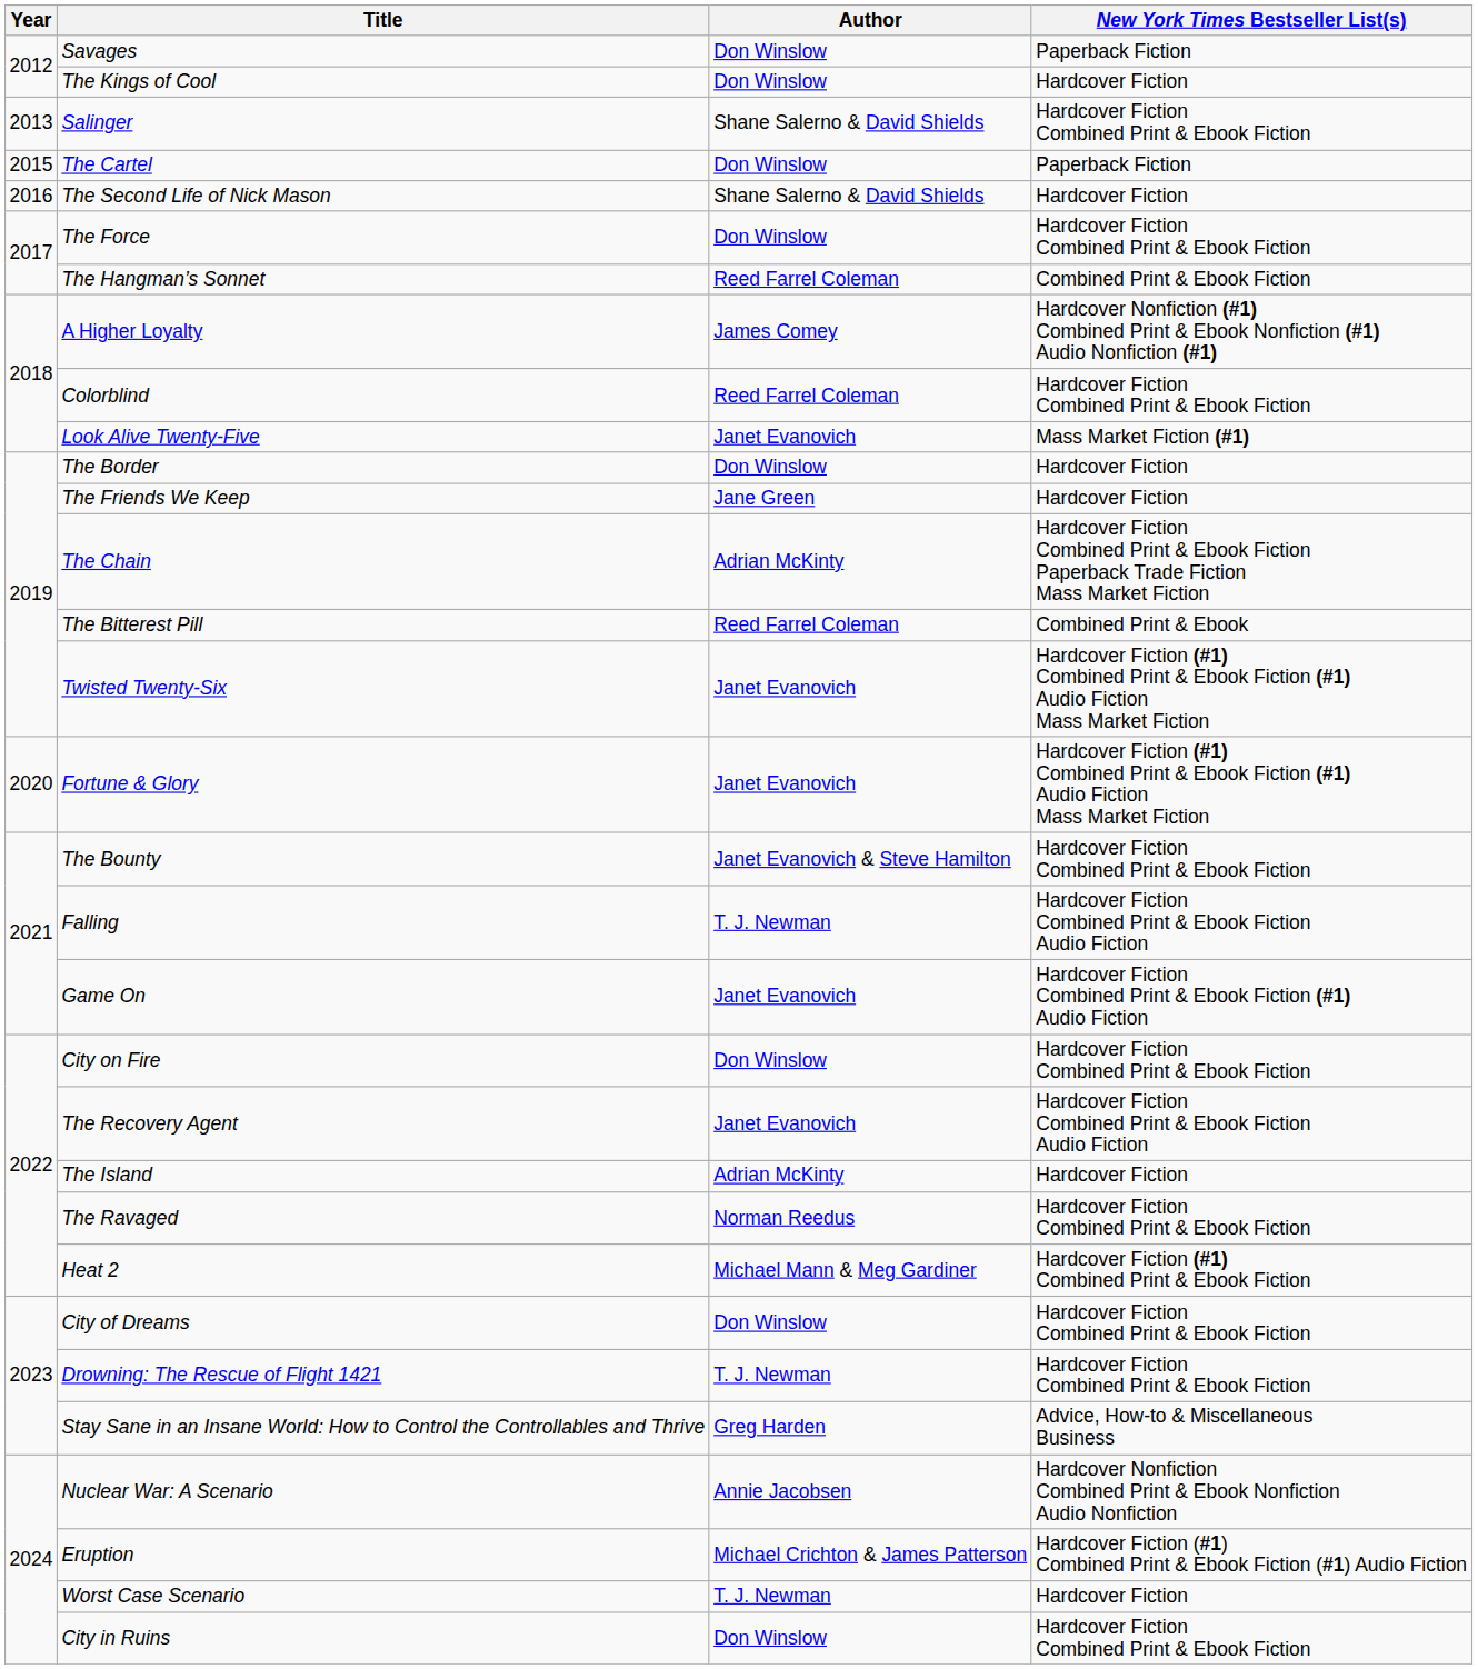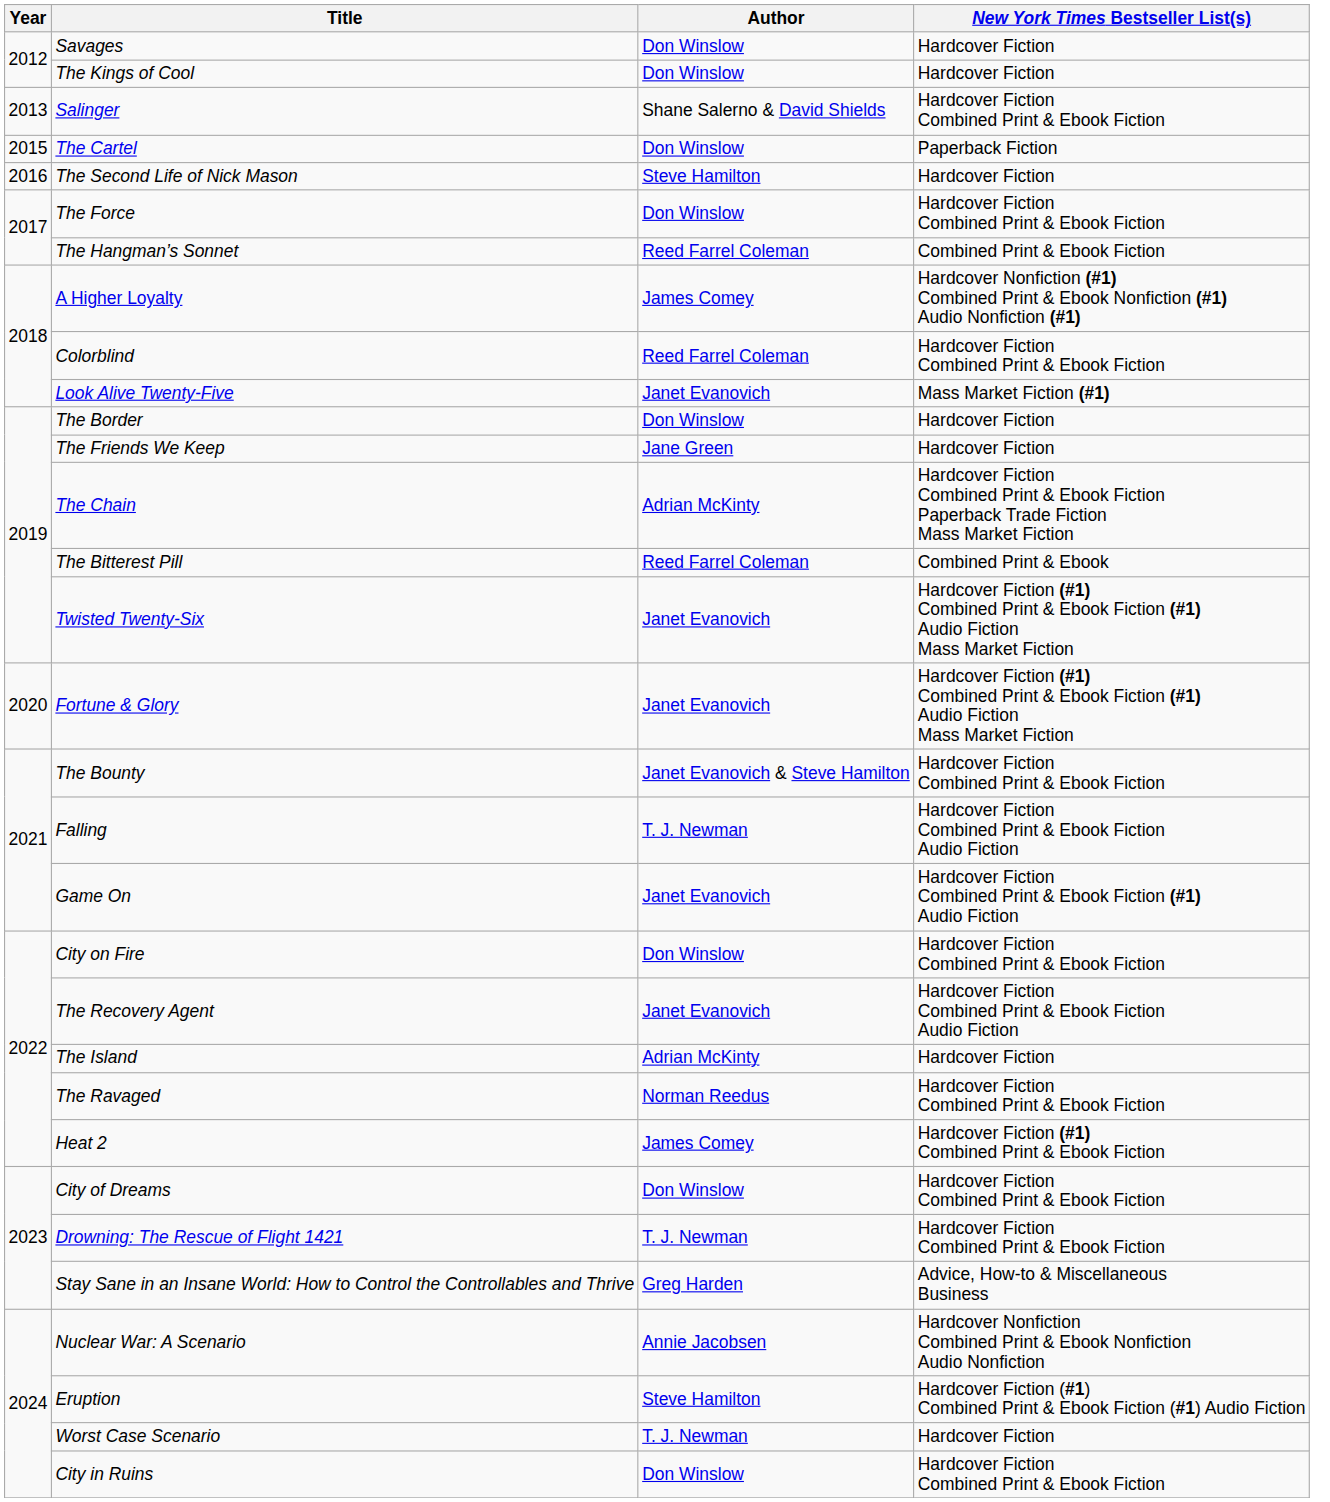 <table class="wikitable">
 <tr>
 <th>Year</th>
 <th>Title</th>
 <th>Author</th>
 <th><a href='#'><em>New York Times</em> Bestseller List(s)</a></th>
 </tr>
 <tr>
 <td rowspan="2">2012</td>
 <td><em>Savages</em></td>
 <td><a href='#'>Don Winslow</a></td>
-<td>Paperback Fiction</td>
+<td>Hardcover Fiction</td>
 </tr>
 <tr>
 <td><em>The Kings of Cool</em></td>
 <td><a href='#'>Don Winslow</a></td>
 <td>Hardcover Fiction</td>
 </tr>
 <tr>
 <td>2013</td>
 <td><em><a href='#'>Salinger</a></em></td>
 <td>Shane Salerno & <a href='#'>David Shields</a></td>
 <td>Hardcover Fiction<br>Combined Print & Ebook Fiction</td>
 </tr>
 <tr>
 <td>2015</td>
 <td><em><a href='#'>The Cartel</a></em></td>
 <td><a href='#'>Don Winslow</a></td>
 <td>Paperback Fiction</td>
 </tr>
 <tr>
 <td>2016</td>
 <td><em>The Second Life of Nick Mason</em></td>
-<td>Shane Salerno & <a href='#'>David Shields</a></td>
+<td><a href='#'>Steve Hamilton</a></td>
 <td>Hardcover Fiction</td>
 </tr>
 <tr>
 <td rowspan="2">2017</td>
 <td><em>The Force</em></td>
 <td><a href='#'>Don Winslow</a></td>
 <td>Hardcover Fiction<br>Combined Print & Ebook Fiction</td>
 </tr>
 <tr>
 <td><em>The Hangman’s Sonnet</em></td>
 <td><a href='#'>Reed Farrel Coleman</a></td>
 <td>Combined Print & Ebook Fiction</td>
 </tr>
 <tr>
 <td rowspan="3">2018</td>
 <td><a href='#'>A Higher Loyalty</a></td>
 <td><a href='#'>James Comey</a></td>
 <td>Hardcover Nonfiction <strong>(#1)</strong><br>Combined Print & Ebook Nonfiction <strong>(#1)</strong><br>Audio Nonfiction <strong>(#1)</strong></td>
 </tr>
 <tr>
 <td><em>Colorblind</em></td>
 <td><a href='#'>Reed Farrel Coleman</a></td>
 <td>Hardcover Fiction<br>Combined Print & Ebook Fiction</td>
 </tr>
 <tr>
 <td><em><a href='#'>Look Alive Twenty-Five</a></em></td>
 <td><a href='#'>Janet Evanovich</a></td>
 <td>Mass Market Fiction <strong>(#1)</strong></td>
 </tr>
 <tr>
 <td rowspan="5">2019</td>
 <td><em>The Border</em></td>
 <td><a href='#'>Don Winslow</a></td>
 <td>Hardcover Fiction</td>
 </tr>
 <tr>
 <td><em>The Friends We Keep</em></td>
 <td><a href='#'>Jane Green</a></td>
 <td>Hardcover Fiction</td>
 </tr>
 <tr>
 <td><em><a href='#'>The Chain</a></em></td>
 <td><a href='#'>Adrian McKinty</a></td>
 <td>Hardcover Fiction<br>Combined Print & Ebook Fiction<br>Paperback Trade Fiction<br>Mass Market Fiction</td>
 </tr>
 <tr>
 <td><em>The Bitterest Pill</em></td>
 <td><a href='#'>Reed Farrel Coleman</a></td>
 <td>Combined Print & Ebook</td>
 </tr>
 <tr>
 <td><em><a href='#'>Twisted Twenty-Six</a></em></td>
 <td><a href='#'>Janet Evanovich</a></td>
 <td>Hardcover Fiction <strong>(#1)</strong><br>Combined Print & Ebook Fiction <strong>(#1)</strong><br>Audio Fiction<br>Mass Market Fiction</td>
 </tr>
 <tr>
 <td>2020</td>
 <td><em><a href='#'>Fortune & Glory</a></em></td>
 <td><a href='#'>Janet Evanovich</a></td>
 <td>Hardcover Fiction <strong>(#1)</strong><br>Combined Print & Ebook Fiction <strong>(#1)</strong><br>Audio Fiction<br>Mass Market Fiction</td>
 </tr>
 <tr>
 <td rowspan="3">2021</td>
 <td><em>The Bounty</em></td>
 <td><a href='#'>Janet Evanovich</a> & <a href='#'>Steve Hamilton</a></td>
 <td>Hardcover Fiction<br>Combined Print & Ebook Fiction</td>
 </tr>
 <tr>
 <td><em>Falling</em></td>
 <td><a href='#'>T. J. Newman</a></td>
 <td>Hardcover Fiction<br>Combined Print & Ebook Fiction<br>Audio Fiction</td>
 </tr>
 <tr>
 <td><em>Game On</em></td>
 <td><a href='#'>Janet Evanovich</a></td>
 <td>Hardcover Fiction<br>Combined Print & Ebook Fiction <strong>(#1)</strong><br>Audio Fiction</td>
 </tr>
 <tr>
 <td rowspan="5">2022</td>
 <td><em>City on Fire</em></td>
 <td><a href='#'>Don Winslow</a></td>
 <td>Hardcover Fiction<br>Combined Print & Ebook Fiction</td>
 </tr>
 <tr>
 <td><em>The Recovery Agent</em></td>
 <td><a href='#'>Janet Evanovich</a></td>
 <td>Hardcover Fiction<br>Combined Print & Ebook Fiction<br>Audio Fiction</td>
 </tr>
 <tr>
 <td><em>The Island</em></td>
 <td><a href='#'>Adrian McKinty</a></td>
 <td>Hardcover Fiction</td>
 </tr>
 <tr>
 <td><em>The Ravaged</em></td>
 <td><a href='#'>Norman Reedus</a></td>
 <td>Hardcover Fiction<br>Combined Print & Ebook Fiction</td>
 </tr>
 <tr>
 <td><em>Heat 2</em></td>
-<td><a href='#'>Michael Mann</a> & <a href='#'>Meg Gardiner</a></td>
+<td><a href='#'>James Comey</a></td>
 <td>Hardcover Fiction <strong>(#1)</strong><br>Combined Print & Ebook Fiction</td>
 </tr>
 <tr>
 <td rowspan="3">2023</td>
 <td><em>City of Dreams</em></td>
 <td><a href='#'>Don Winslow</a></td>
 <td>Hardcover Fiction<br>Combined Print & Ebook Fiction</td>
 </tr>
 <tr>
 <td><em><a href='#'>Drowning: The Rescue of Flight 1421</a></em></td>
 <td><a href='#'>T. J. Newman</a></td>
 <td>Hardcover Fiction<br>Combined Print & Ebook Fiction</td>
 </tr>
 <tr>
 <td><em>Stay Sane in an Insane World: How to Control the Controllables and Thrive</em></td>
 <td><a href='#'>Greg Harden</a></td>
 <td>Advice, How-to & Miscellaneous<br>Business</td>
 </tr>
 <tr>
 <td rowspan="4">2024</td>
 <td><em>Nuclear War: A Scenario</em></td>
 <td><a href='#'>Annie Jacobsen</a></td>
 <td>Hardcover Nonfiction<br>Combined Print & Ebook Nonfiction<br>Audio Nonfiction</td>
 </tr>
 <tr>
 <td><em>Eruption</em></td>
-<td><a href='#'>Michael Crichton</a> & <a href='#'>James Patterson</a></td>
+<td><a href='#'>Steve Hamilton</a></td>
 <td>Hardcover Fiction (<strong>#1</strong>)<br>Combined Print & Ebook Fiction (<strong>#1</strong>) Audio Fiction</td>
 </tr>
 <tr>
 <td><em>Worst Case Scenario</em></td>
 <td><a href='#'>T. J. Newman</a></td>
 <td>Hardcover Fiction</td>
 </tr>
 <tr>
 <td><em>City in Ruins</em></td>
 <td><a href='#'>Don Winslow</a></td>
 <td>Hardcover Fiction<br>Combined Print & Ebook Fiction</td>
 </tr>
 </table>
